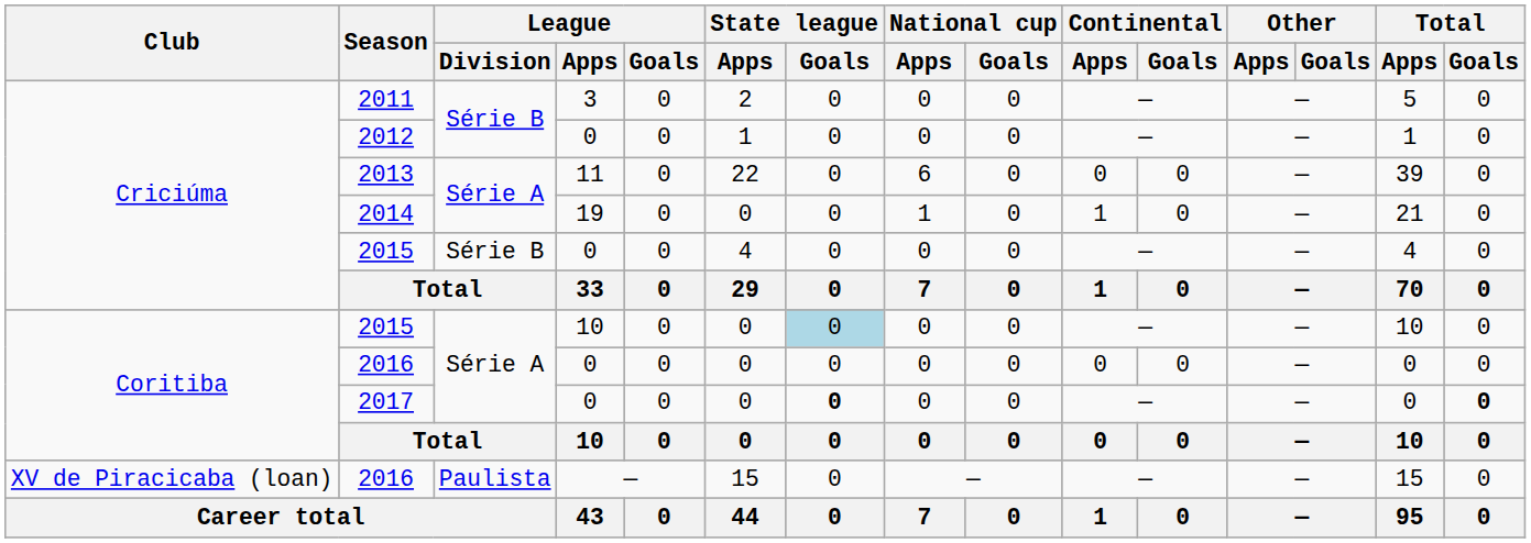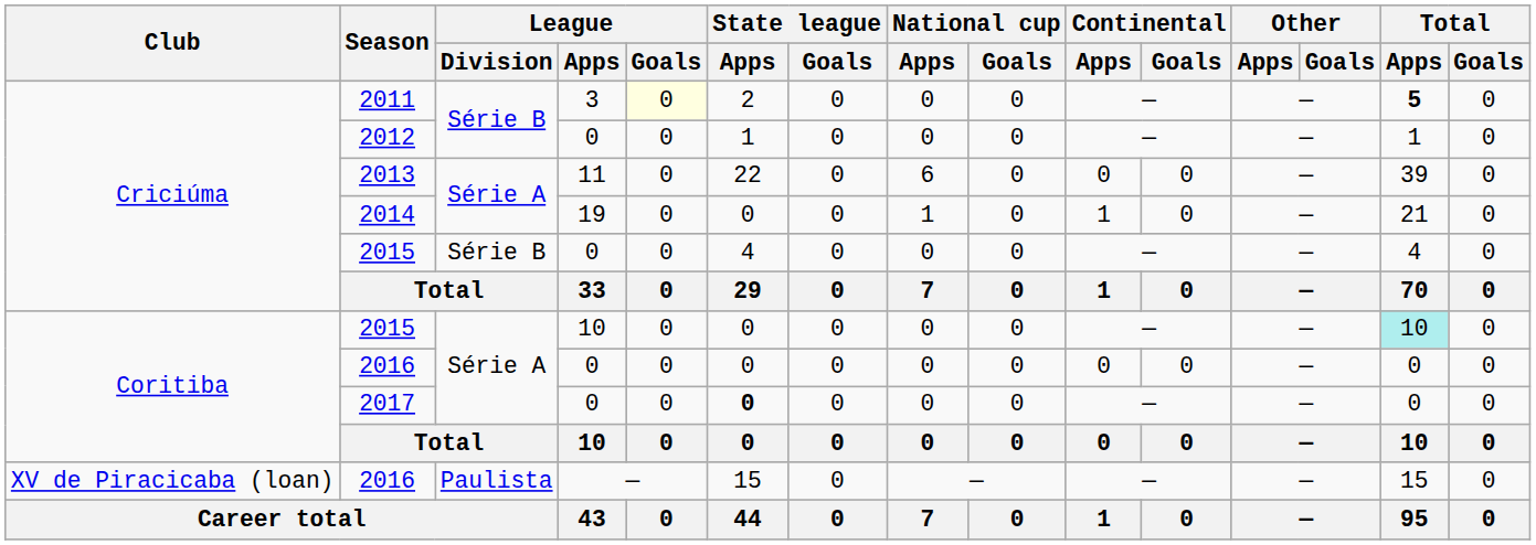 <table class="wikitable" style="text-align:center">
 <tr>
 <th rowspan="2">Club</th>
 <th rowspan="2">Season</th>
 <th colspan="3">League</th>
 <th colspan="2">State league</th>
 <th colspan="2">National cup</th>
 <th colspan="2">Continental</th>
 <th colspan="2">Other</th>
 <th colspan="2">Total</th>
 </tr>
 <tr>
 <th>Division</th>
 <th>Apps</th>
 <th>Goals</th>
 <th>Apps</th>
 <th>Goals</th>
 <th>Apps</th>
 <th>Goals</th>
 <th>Apps</th>
 <th>Goals</th>
 <th>Apps</th>
 <th>Goals</th>
 <th>Apps</th>
 <th>Goals</th>
 </tr>
 <tr>
 <td rowspan="6"><a href='#'>Criciúma</a></td>
 <td><a href='#'>2011</a></td>
 <td rowspan="2"><a href='#'>Série B</a></td>
 <td>3</td>
-<td>0</td>
+<td style="background: lightyellow;">0</td>
 <td>2</td>
 <td>0</td>
 <td>0</td>
 <td>0</td>
 <td colspan="2">—</td>
 <td colspan="2">—</td>
-<td>5</td>
+<td><strong>5</strong></td>
 <td>0</td>
 </tr>
 <tr>
 <td><a href='#'>2012</a></td>
 <td>0</td>
 <td>0</td>
 <td>1</td>
 <td>0</td>
 <td>0</td>
 <td>0</td>
 <td colspan="2">—</td>
 <td colspan="2">—</td>
 <td>1</td>
 <td>0</td>
 </tr>
 <tr>
 <td><a href='#'>2013</a></td>
 <td rowspan="2"><a href='#'>Série A</a></td>
 <td>11</td>
 <td>0</td>
 <td>22</td>
 <td>0</td>
 <td>6</td>
 <td>0</td>
 <td>0</td>
 <td>0</td>
 <td colspan="2">—</td>
 <td>39</td>
 <td>0</td>
 </tr>
 <tr>
 <td><a href='#'>2014</a></td>
 <td>19</td>
 <td>0</td>
 <td>0</td>
 <td>0</td>
 <td>1</td>
 <td>0</td>
 <td>1</td>
 <td>0</td>
 <td colspan="2">—</td>
 <td>21</td>
 <td>0</td>
 </tr>
 <tr>
 <td><a href='#'>2015</a></td>
 <td>Série B</td>
 <td>0</td>
 <td>0</td>
 <td>4</td>
 <td>0</td>
 <td>0</td>
 <td>0</td>
 <td colspan="2">—</td>
 <td colspan="2">—</td>
 <td>4</td>
 <td>0</td>
 </tr>
 <tr>
 <th colspan="2">Total</th>
 <th>33</th>
 <th>0</th>
 <th>29</th>
 <th>0</th>
 <th>7</th>
 <th>0</th>
 <th>1</th>
 <th>0</th>
 <th colspan="2">—</th>
 <th>70</th>
 <th>0</th>
 </tr>
 <tr>
 <td rowspan="4"><a href='#'>Coritiba</a></td>
 <td><a href='#'>2015</a></td>
 <td rowspan="3">Série A</td>
 <td>10</td>
 <td>0</td>
 <td>0</td>
-<td style="background: lightblue;">0</td>
+<td>0</td>
 <td>0</td>
 <td>0</td>
 <td colspan="2">—</td>
 <td colspan="2">—</td>
-<td>10</td>
+<td style="background: paleturquoise;">10</td>
 <td>0</td>
 </tr>
 <tr>
 <td><a href='#'>2016</a></td>
 <td>0</td>
 <td>0</td>
 <td>0</td>
 <td>0</td>
 <td>0</td>
 <td>0</td>
 <td>0</td>
 <td>0</td>
 <td colspan="2">—</td>
 <td>0</td>
 <td>0</td>
 </tr>
 <tr>
 <td><a href='#'>2017</a></td>
 <td>0</td>
 <td>0</td>
+<td><strong>0</strong></td>
 <td>0</td>
-<td><strong>0</strong></td>
 <td>0</td>
 <td>0</td>
 <td colspan="2">—</td>
 <td colspan="2">—</td>
 <td>0</td>
-<td><strong>0</strong></td>
+<td>0</td>
 </tr>
 <tr>
 <th colspan="2">Total</th>
 <th>10</th>
 <th>0</th>
 <th>0</th>
 <th>0</th>
 <th>0</th>
 <th>0</th>
 <th>0</th>
 <th>0</th>
 <th colspan="2">—</th>
 <th>10</th>
 <th>0</th>
 </tr>
 <tr>
 <td><a href='#'>XV de Piracicaba</a> (loan)</td>
 <td><a href='#'>2016</a></td>
 <td><a href='#'>Paulista</a></td>
 <td colspan="2">—</td>
 <td>15</td>
 <td>0</td>
 <td colspan="2">—</td>
 <td colspan="2">—</td>
 <td colspan="2">—</td>
 <td>15</td>
 <td>0</td>
 </tr>
 <tr>
 <th colspan="3">Career total</th>
 <th>43</th>
 <th>0</th>
 <th>44</th>
 <th>0</th>
 <th>7</th>
 <th>0</th>
 <th>1</th>
 <th>0</th>
 <th colspan="2">—</th>
 <th>95</th>
 <th>0</th>
 </tr>
 </table>
